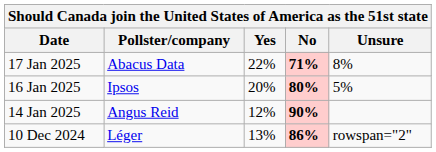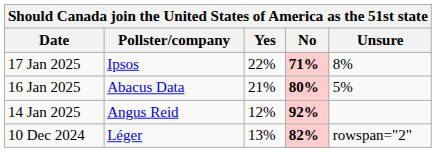 <table class="wikitable">
 <tr>
 <th colspan="6">Should Canada join the United States of America as the 51st state</th>
 </tr>
 <tr>
 <th>Date</th>
 <th>Pollster/company</th>
 <th>Yes</th>
 <th>No</th>
 <th>Unsure</th>
 </tr>
 <tr>
 <td>17 Jan 2025</td>
-<td><a href='#'>Abacus Data</a></td>
+<td><a href='#'>Ipsos</a></td>
 <td>22%</td>
 <td style="background: #FFCDCD;"><strong>71%</strong></td>
 <td>8%</td>
 </tr>
 <tr>
 <td>16 Jan 2025</td>
-<td><a href='#'>Ipsos</a></td>
-<td>20%</td>
+<td><a href='#'>Abacus Data</a></td>
+<td>21%</td>
 <td style="background: #FFCDCD;"><strong>80%</strong></td>
 <td>5%</td>
 </tr>
 <tr>
 <td>14 Jan 2025</td>
 <td><a href='#'>Angus Reid</a></td>
 <td>12%</td>
-<td style="background: #FFCDCD;"><strong>90%</strong></td>
+<td style="background: #FFCDCD;"><strong>92%</strong></td>
 </tr>
 <tr>
 <td>10 Dec 2024</td>
 <td><a href='#'>Léger</a></td>
 <td>13%</td>
-<td style="background: #FFCDCD;"><strong>86%</strong></td>
+<td style="background: #FFCDCD;"><strong>82%</strong></td>
 <td>rowspan="2" </td>
 </tr>
 </table>
